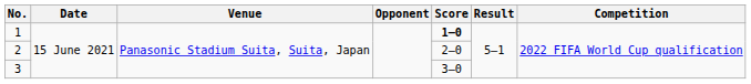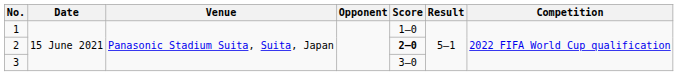 <table class="wikitable sortable">
 <tr>
 <th scope="col">No.</th>
 <th scope="col">Date</th>
 <th scope="col">Venue</th>
 <th scope="col">Opponent</th>
 <th scope="col">Score</th>
 <th scope="col">Result</th>
 <th scope="col">Competition</th>
 </tr>
 <tr>
 <td style="text-align:center">1</td>
 <td rowspan="3">15 June 2021</td>
 <td rowspan="3"><a href='#'>Panasonic Stadium Suita</a>, <a href='#'>Suita</a>, Japan</td>
 <td rowspan="3"></td>
-<td style="text-align:center"><strong>1–0</strong></td>
+<td style="text-align:center">1–0</td>
 <td rowspan="3" style="text-align:center">5–1</td>
 <td rowspan="3"><a href='#'>2022 FIFA World Cup qualification</a></td>
 </tr>
 <tr>
 <td style="text-align:center">2</td>
-<td style="text-align:center">2–0</td>
+<td style="text-align:center"><strong>2–0</strong></td>
 </tr>
 <tr>
 <td style="text-align:center">3</td>
 <td style="text-align:center">3–0</td>
 </tr>
 </table>
